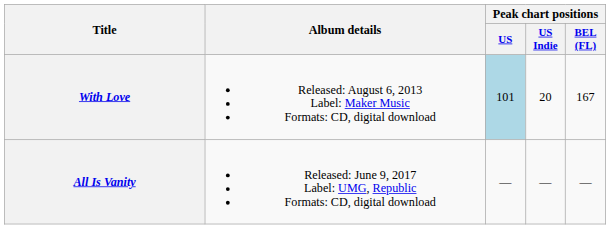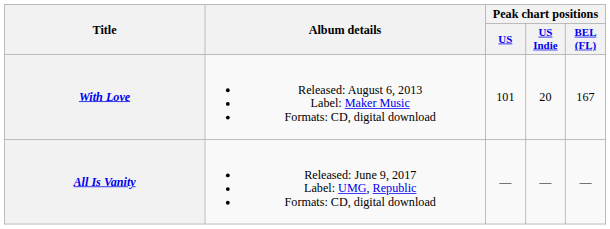 <table class="wikitable plainrowheaders" style="text-align:center; width:50%">
 <tr>
 <th scope="col" rowspan="2" style="width:25%;">Title</th>
 <th scope="col" rowspan="2" style="width:35%;">Album details</th>
 <th scope="col" colspan="3">Peak chart positions</th>
 </tr>
 <tr>
 <th scope="col" style="width:5%;font-size:90%;"><a href='#'>US</a><br></th>
 <th scope="col" style="width:5%;font-size:90%;"><a href='#'>US<br>Indie</a><br></th>
 <th scope="col" style="width:5%;font-size:90%;"><a href='#'>BEL<br>(FL)</a><br></th>
 </tr>
 <tr>
 <th scope="row"><em><a href='#'>With Love</a></em></th>
 <td><br><ul><li>Released: August 6, 2013</li><li>Label: <a href='#'>Maker Music</a></li><li>Formats: CD, digital download</li></ul></td>
-<td style="background: lightblue;">101</td>
+<td>101</td>
 <td>20</td>
 <td>167</td>
 </tr>
 <tr>
 <th scope="row"><em><a href='#'>All Is Vanity</a></em></th>
 <td><br><ul><li>Released: June 9, 2017</li><li>Label: <a href='#'>UMG</a>, <a href='#'>Republic</a></li><li>Formats: CD, digital download</li></ul></td>
 <td>—</td>
 <td>—</td>
 <td>—</td>
 </tr>
 </table>
